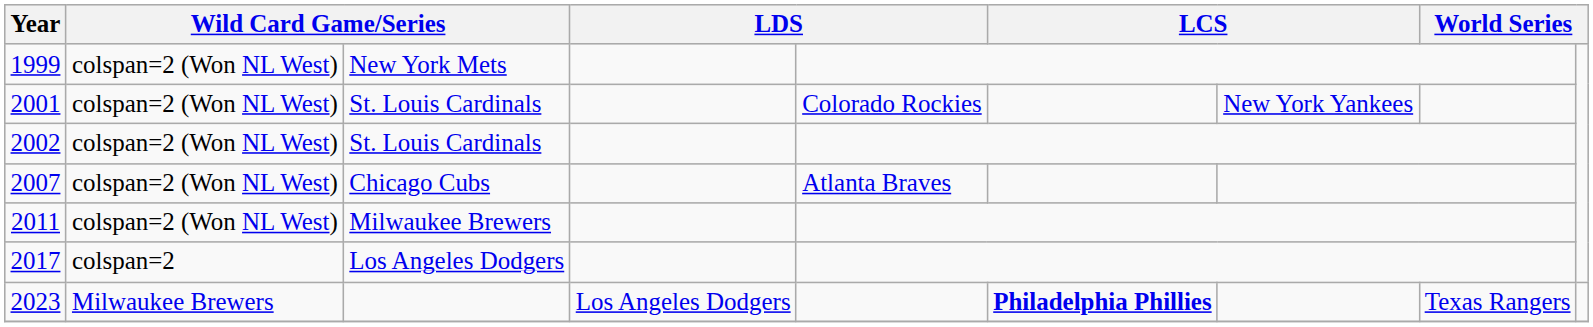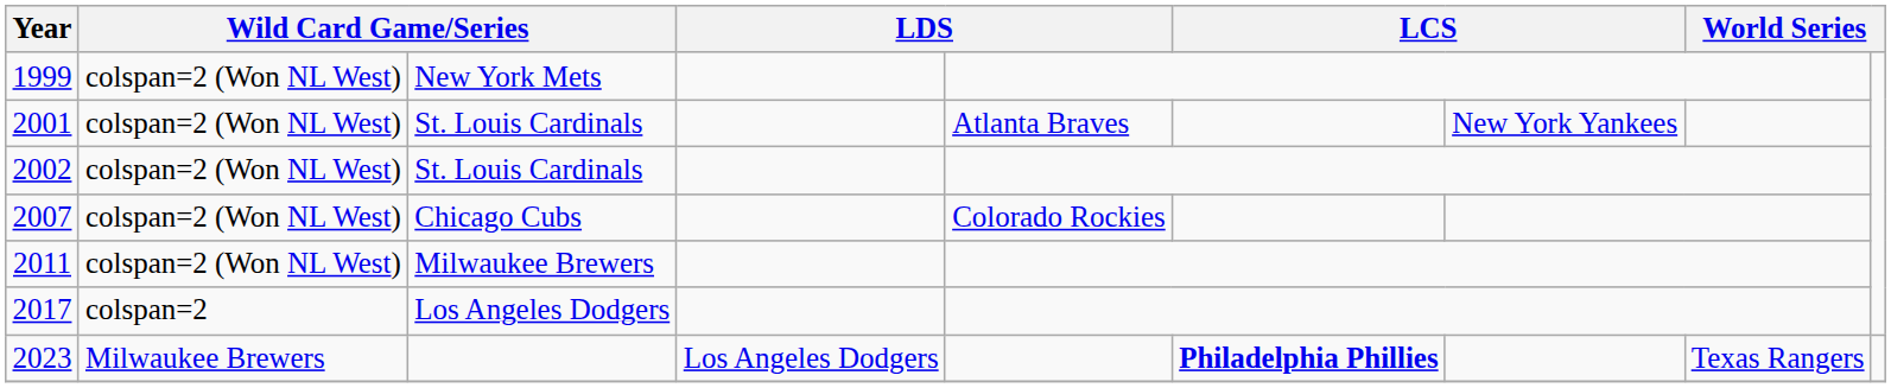 <table class="wikitable">
 <tr>
 <th>Year</th>
 <th colspan=2><a href='#'><span>Wild Card Game/Series</span></a></th>
 <th colspan=2><a href='#'><span>LDS</span></a></th>
 <th colspan=2><a href='#'><span>LCS</span></a></th>
 <th colspan=2><a href='#'><span>World Series</span></a></th>
 </tr>
 <tr>
 <td align=center><a href='#'>1999</a></td>
 <td>colspan=2  (Won <a href='#'>NL West</a>)</td>
 <td><a href='#'>New York Mets</a></td>
 <td></td>
 <td colspan=4></td>
 </tr>
 <tr>
 <td align=center><a href='#'>2001</a></td>
 <td>colspan=2  (Won <a href='#'>NL West</a>)</td>
 <td><a href='#'>St. Louis Cardinals</a></td>
 <td></td>
-<td><a href='#'>Colorado Rockies</a></td>
+<td><a href='#'>Atlanta Braves</a></td>
 <td></td>
 <td><a href='#'>New York Yankees</a></td>
 <td></td>
 </tr>
 <tr>
 <td align=center><a href='#'>2002</a></td>
 <td>colspan=2  (Won <a href='#'>NL West</a>)</td>
 <td><a href='#'>St. Louis Cardinals</a></td>
 <td></td>
 <td colspan=4></td>
 </tr>
 <tr>
 <td align=center><a href='#'>2007</a></td>
 <td>colspan=2  (Won <a href='#'>NL West</a>)</td>
 <td><a href='#'>Chicago Cubs</a></td>
 <td></td>
-<td><a href='#'>Atlanta Braves</a></td>
+<td><a href='#'>Colorado Rockies</a></td>
 <td></td>
 <td colspan=2></td>
 </tr>
 <tr>
 <td align=center><a href='#'>2011</a></td>
 <td>colspan=2  (Won <a href='#'>NL West</a>)</td>
 <td><a href='#'>Milwaukee Brewers</a></td>
 <td></td>
 <td colspan=4></td>
 </tr>
 <tr>
 <td align=center><a href='#'>2017</a></td>
 <td>colspan=2 </td>
 <td><a href='#'>Los Angeles Dodgers</a></td>
 <td></td>
 <td colspan=4></td>
 </tr>
 <tr>
 <td align=center><a href='#'>2023</a></td>
 <td><a href='#'>Milwaukee Brewers</a></td>
 <td></td>
 <td><a href='#'>Los Angeles Dodgers</a></td>
 <td></td>
 <td><strong><a href='#'>Philadelphia Phillies</a></strong></td>
 <td></td>
 <td><a href='#'>Texas Rangers</a></td>
 <td></td>
 </tr>
 <tr>
 </tr>
 </table>
